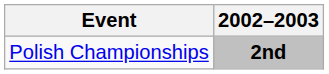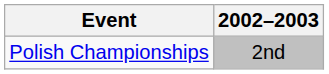 <table class="wikitable" style="text-align:center">
 <tr>
 <th>Event</th>
 <th>2002–2003</th>
 </tr>
 <tr>
 <td align=left><a href='#'>Polish Championships</a></td>
-<td bgcolor=silver><strong>2nd</strong></td>
+<td bgcolor=silver>2nd</td>
 </tr>
 </table>
